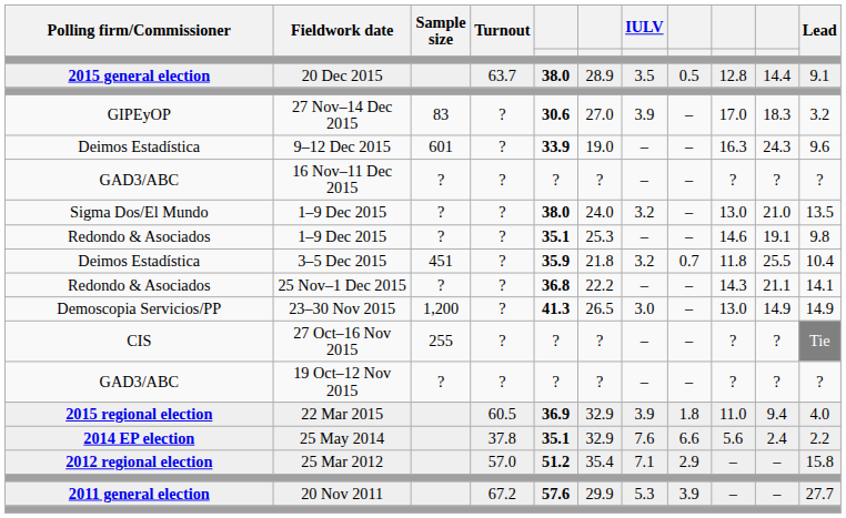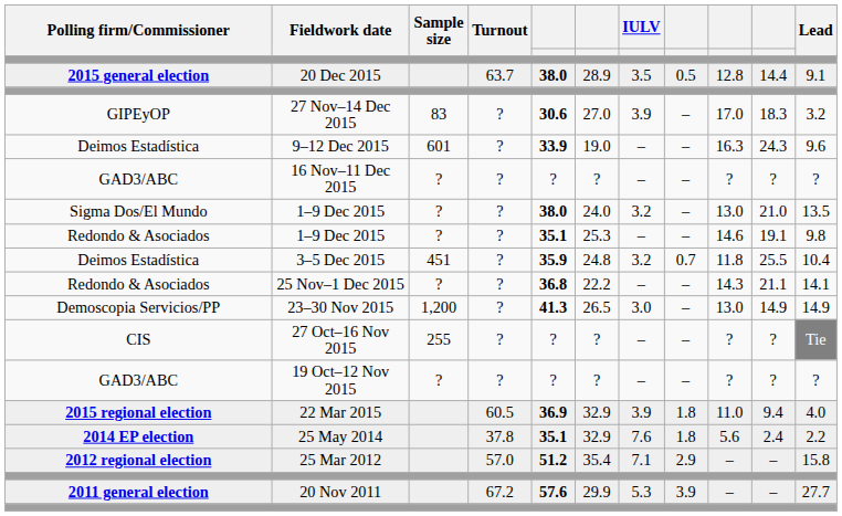 <table class="wikitable collapsible collapsed" style="text-align:center; font-size:95%; line-height:16px;">
 <tr style="height:42px; background-color:#E9E9E9">
 <th style="width:250px;" rowspan="2">Polling firm/Commissioner</th>
 <th style="width:125px;" rowspan="2">Fieldwork date</th>
 <th style="width:50px;" rowspan="2">Sample size</th>
 <th style="width:45px;" rowspan="2">Turnout</th>
 <th style="width:35px;"></th>
 <th style="width:35px;"></th>
 <th style="width:35px;"><a href='#'>IULV</a></th>
 <th style="width:35px;"></th>
 <th style="width:35px;"></th>
 <th style="width:35px;"></th>
 <th style="width:30px;" rowspan="2">Lead</th>
 </tr>
 <tr>
 <th style="color:inherit;background:"></th>
 <th style="color:inherit;background:"></th>
 <th style="color:inherit;background:"></th>
 <th style="color:inherit;background:"></th>
 <th style="color:inherit;background:"></th>
 <th style="color:inherit;background:"></th>
 </tr>
 <tr>
 <td colspan="11" style="background:#A0A0A0"></td>
 </tr>
 <tr style="background:#EFEFEF;">
 <td><strong><a href='#'>2015 general election</a></strong></td>
 <td>20 Dec 2015</td>
 <td></td>
 <td>63.7</td>
 <td><strong>38.0</strong><br></td>
 <td>28.9<br></td>
 <td>3.5<br></td>
 <td>0.5<br></td>
 <td>12.8<br></td>
 <td>14.4<br></td>
 <td style="background:">9.1</td>
 </tr>
 <tr>
 <td colspan="11" style="background:#A0A0A0"></td>
 </tr>
 <tr>
 <td>GIPEyOP</td>
 <td>27 Nov–14 Dec 2015</td>
 <td>83</td>
 <td>?</td>
 <td><strong>30.6</strong><br></td>
 <td>27.0<br></td>
 <td>3.9<br></td>
 <td>–</td>
 <td>17.0<br></td>
 <td>18.3<br></td>
 <td style="background:">3.2</td>
 </tr>
 <tr>
 <td>Deimos Estadística</td>
 <td>9–12 Dec 2015</td>
 <td>601</td>
 <td>?</td>
 <td><strong>33.9</strong><br></td>
 <td>19.0<br></td>
 <td>–</td>
 <td>–</td>
 <td>16.3<br></td>
 <td>24.3<br></td>
 <td style="background:">9.6</td>
 </tr>
 <tr>
 <td>GAD3/ABC</td>
 <td>16 Nov–11 Dec 2015</td>
 <td>?</td>
 <td>?</td>
 <td>?<br></td>
 <td>?<br></td>
 <td>–</td>
 <td>–</td>
 <td>?<br></td>
 <td>?<br></td>
 <td style="background:">?</td>
 </tr>
 <tr>
 <td>Sigma Dos/El Mundo</td>
 <td>1–9 Dec 2015</td>
 <td>?</td>
 <td>?</td>
 <td><strong>38.0</strong><br></td>
 <td>24.0<br></td>
 <td>3.2<br></td>
 <td>–</td>
 <td>13.0<br></td>
 <td>21.0<br></td>
 <td style="background:">13.5</td>
 </tr>
 <tr>
 <td>Redondo & Asociados</td>
 <td>1–9 Dec 2015</td>
 <td>?</td>
 <td>?</td>
 <td><strong>35.1</strong><br></td>
 <td>25.3<br></td>
 <td>–</td>
 <td>–</td>
 <td>14.6<br></td>
 <td>19.1<br></td>
 <td style="background:">9.8</td>
 </tr>
 <tr>
 <td>Deimos Estadística</td>
 <td>3–5 Dec 2015</td>
 <td>451</td>
 <td>?</td>
 <td><strong>35.9</strong><br></td>
-<td>21.8<br></td>
+<td>24.8<br></td>
 <td>3.2<br></td>
 <td>0.7<br></td>
 <td>11.8<br></td>
 <td>25.5<br></td>
 <td style="background:">10.4</td>
 </tr>
 <tr>
 <td>Redondo & Asociados</td>
 <td>25 Nov–1 Dec 2015</td>
 <td>?</td>
 <td>?</td>
 <td><strong>36.8</strong><br></td>
 <td>22.2<br></td>
 <td>–</td>
 <td>–</td>
 <td>14.3<br></td>
 <td>21.1<br></td>
 <td style="background:">14.1</td>
 </tr>
 <tr>
 <td>Demoscopia Servicios/PP</td>
 <td>23–30 Nov 2015</td>
 <td>1,200</td>
 <td>?</td>
 <td><strong>41.3</strong><br></td>
 <td>26.5<br></td>
 <td>3.0<br></td>
 <td>–</td>
 <td>13.0<br></td>
 <td>14.9<br></td>
 <td style="background:">14.9</td>
 </tr>
 <tr>
 <td>CIS</td>
 <td>27 Oct–16 Nov 2015</td>
 <td>255</td>
 <td>?</td>
 <td>?<br></td>
 <td>?<br></td>
 <td>–</td>
 <td>–</td>
 <td>?<br></td>
 <td>?<br></td>
 <td style="background:gray;color:white;">Tie</td>
 </tr>
 <tr>
 <td>GAD3/ABC</td>
 <td>19 Oct–12 Nov 2015</td>
 <td>?</td>
 <td>?</td>
 <td>?<br></td>
 <td>?<br></td>
 <td>–</td>
 <td>–</td>
 <td>?<br></td>
 <td>?<br></td>
 <td style="background:">?</td>
 </tr>
 <tr style="background:#EFEFEF;">
 <td><strong><a href='#'>2015 regional election</a></strong></td>
 <td>22 Mar 2015</td>
 <td></td>
 <td>60.5</td>
 <td><strong>36.9</strong><br></td>
 <td>32.9<br></td>
 <td>3.9<br></td>
 <td>1.8<br></td>
 <td>11.0<br></td>
 <td>9.4<br></td>
 <td style="background:">4.0</td>
 </tr>
 <tr style="background:#EFEFEF;">
 <td><strong><a href='#'>2014 EP election</a></strong></td>
 <td>25 May 2014</td>
 <td></td>
 <td>37.8</td>
 <td><strong>35.1</strong><br></td>
 <td>32.9<br></td>
 <td>7.6<br></td>
-<td>6.6<br></td>
+<td>1.8<br></td>
 <td>5.6<br></td>
 <td>2.4<br></td>
 <td style="background:">2.2</td>
 </tr>
 <tr style="background:#EFEFEF;">
 <td><strong><a href='#'>2012 regional election</a></strong></td>
 <td>25 Mar 2012</td>
 <td></td>
 <td>57.0</td>
 <td><strong>51.2</strong><br></td>
 <td>35.4<br></td>
 <td>7.1<br></td>
 <td>2.9<br></td>
 <td>–</td>
 <td>–</td>
 <td style="background:">15.8</td>
 </tr>
 <tr>
 <td colspan="11" style="background:#A0A0A0"></td>
 </tr>
 <tr style="background:#EFEFEF;">
 <td><strong><a href='#'>2011 general election</a></strong></td>
 <td>20 Nov 2011</td>
 <td></td>
 <td>67.2</td>
 <td><strong>57.6</strong><br></td>
 <td>29.9<br></td>
 <td>5.3<br></td>
 <td>3.9<br></td>
 <td>–</td>
 <td>–</td>
 <td style="background:">27.7</td>
 </tr>
 <tr>
 <td colspan="11" style="background:#A0A0A0"></td>
 </tr>
 </table>
